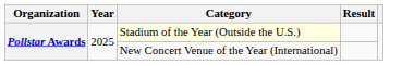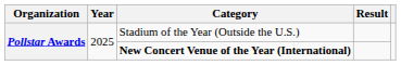 <table class="wikitable plainrowheaders" style="border:none; margin:0;">
 <tr>
 <th scope="col">Organization</th>
 <th scope="col">Year</th>
 <th scope="col">Category</th>
 <th scope="col">Result</th>
 <th scope="col" class="unsortable"></th>
 </tr>
 <tr>
 <th scope="row" rowspan="2"><a href='#'><em>Pollstar</em> Awards</a></th>
 <td rowspan="2">2025</td>
-<td style="background: lightyellow;">Stadium of the Year (Outside the U.S.)</td>
+<td>Stadium of the Year (Outside the U.S.)</td>
 <td></td>
 <td style="text-align:center;" rowspan="2"></td>
 </tr>
 <tr>
-<td>New Concert Venue of the Year (International)</td>
+<td><strong>New Concert Venue of the Year (International)</strong></td>
 <td></td>
 </tr>
 </table>
